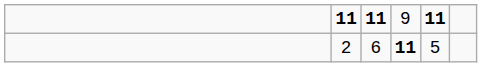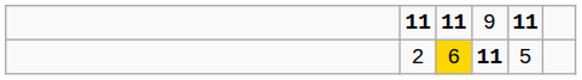 <table class="wikitable">
 <tr>
 <td style="width:18em"><strong></strong></td>
 <td align=center style="width:1em"><strong>11</strong></td>
 <td align=center style="width:1em"><strong>11</strong></td>
 <td align=center style="width:1em">9</td>
 <td align=center style="width:1em"><strong>11</strong></td>
 <td align=center style="width:1em"></td>
 </tr>
 <tr>
 <td style="width:18em"></td>
 <td align=center style="width:1em">2</td>
-<td align=center style="width:1em">6</td>
+<td align=center style="background: gold; width:1em">6</td>
 <td align=center style="width:1em"><strong>11</strong></td>
 <td align=center style="width:1em">5</td>
 <td align=center style="width:1em"></td>
 </tr>
 </table>
